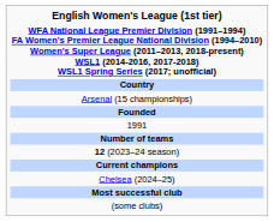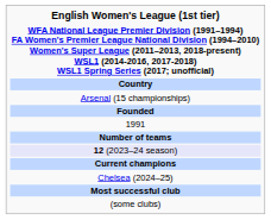 <table class="infobox football" style="width: 22em; text-align: center;">
 <tr>
 <th style="font-size: 14px;">English Women's League (1st tier)</th>
 </tr>
 <tr>
 <th style="font-size: 12px;"><a href='#'>WFA National League Premier Division</a> (1991–1994)<br><a href='#'>FA Women's Premier League National Division</a> (1994–2010)<br><a href='#'>Women's Super League</a> (2011–2013, 2018-present)<br><a href='#'>WSL1</a> (2014-2016, 2017-2018)<br><a href='#'>WSL1 Spring Series</a> (2017; unofficial)</th>
 </tr>
 <tr>
 <td style="font-size: 12px; background: #BFD7FF;"><strong>Country</strong></td>
 </tr>
 <tr>
 <td style="font-size: 12px;"><a href='#'>Arsenal</a> (15 championships)</td>
 </tr>
 <tr>
 <td style="font-size: 12px; background: #BFD7FF;"><strong>Founded</strong></td>
 </tr>
 <tr>
 <td style="font-size: 12px;">1991</td>
 </tr>
 <tr>
 <td style="font-size: 12px; background: #BFD7FF;"><strong>Number of teams</strong></td>
 </tr>
 <tr>
-<td style="font-size: 12px;"><strong>12</strong> (2023–24 season)</td>
+<td style="background: lavender; font-size: 12px;"><strong>12</strong> (2023–24 season)</td>
 </tr>
 <tr>
 <td style="font-size: 12px; background: #BFD7FF;"><strong>Current champions</strong></td>
 </tr>
 <tr>
 <td style="font-size: 12px;"><a href='#'>Chelsea</a> (2024–25)</td>
 </tr>
 <tr>
 <td style="font-size: 12px; background: #BFD7FF;"><strong>Most successful club</strong></td>
 </tr>
 <tr>
 <td style="font-size: 12px;">  (some clubs)</td>
 </tr>
 </table>
